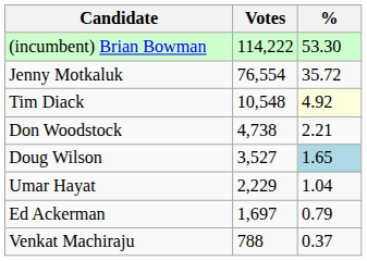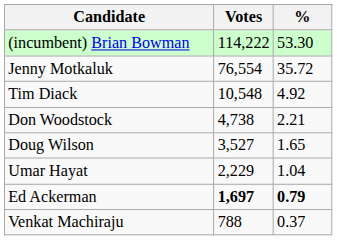 <table class="wikitable sortable">
 <tr>
 </tr>
 <tr>
 <th bgcolor="#DDDDFF" width="200px">Candidate</th>
 <th bgcolor="#DDDDFF" width="50px">Votes</th>
 <th bgcolor="#DDDDFF" width="50px">%</th>
 </tr>
 <tr style="text-align:left; background:#cfc;">
 <td>(incumbent) <a href='#'>Brian Bowman</a></td>
 <td>114,222</td>
 <td>53.30</td>
 </tr>
 <tr>
 <td>Jenny Motkaluk</td>
 <td>76,554</td>
 <td>35.72</td>
 </tr>
 <tr>
 <td>Tim Diack</td>
 <td>10,548</td>
-<td style="background: lightyellow;">4.92</td>
+<td>4.92</td>
 </tr>
 <tr>
 <td>Don Woodstock</td>
 <td>4,738</td>
 <td>2.21</td>
 </tr>
 <tr>
 <td>Doug Wilson</td>
 <td>3,527</td>
-<td style="background: lightblue;">1.65</td>
+<td>1.65</td>
 </tr>
 <tr>
 <td>Umar Hayat</td>
 <td>2,229</td>
 <td>1.04</td>
 </tr>
 <tr>
 <td>Ed Ackerman</td>
-<td>1,697</td>
-<td>0.79</td>
+<td><strong>1,697</strong></td>
+<td><strong>0.79</strong></td>
 </tr>
 <tr>
 <td>Venkat Machiraju</td>
 <td>788</td>
 <td>0.37</td>
 </tr>
 </table>
